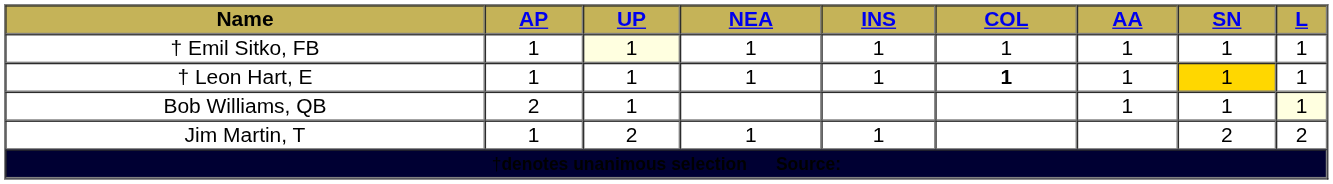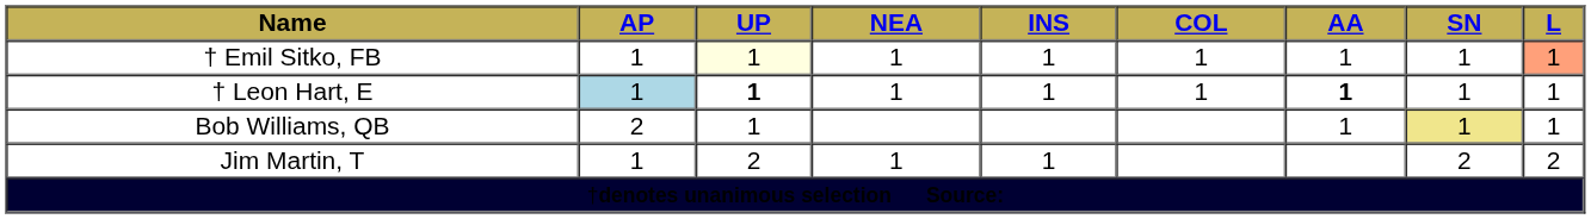 <table cellpadding="1" border="1" cellspacing="0" width="80%">
 <tr>
 <th bgcolor="#C5B358"><span>Name</span></th>
 <th bgcolor="#C5B358"><span><a href='#'>AP</a></span></th>
 <th bgcolor="#C5B358"><span><a href='#'>UP</a></span></th>
 <th bgcolor="#C5B358"><span><a href='#'>NEA</a></span></th>
 <th bgcolor="#C5B358"><span><a href='#'>INS</a></span></th>
 <th bgcolor="#C5B358"><span><a href='#'>COL</a></span></th>
 <th bgcolor="#C5B358"><span><a href='#'>AA</a></span></th>
 <th bgcolor="#C5B358"><span><a href='#'>SN</a></span></th>
 <th bgcolor="#C5B358"><span><a href='#'>L</a></span></th>
 </tr>
 <tr align="center">
 <td>† Emil Sitko, FB</td>
 <td>1</td>
 <td style="background: lightyellow;">1</td>
 <td>1</td>
 <td>1</td>
 <td>1</td>
 <td>1</td>
 <td>1</td>
-<td>1</td>
+<td style="background: lightsalmon;">1</td>
 </tr>
 <tr align="center">
 <td>† Leon Hart, E</td>
-<td>1</td>
+<td style="background: lightblue;">1</td>
+<td><strong>1</strong></td>
 <td>1</td>
 <td>1</td>
 <td>1</td>
 <td><strong>1</strong></td>
 <td>1</td>
-<td style="background: gold;">1</td>
 <td>1</td>
 </tr>
 <tr align="center">
 <td>Bob Williams, QB</td>
 <td>2</td>
 <td>1</td>
 <td></td>
 <td></td>
 <td></td>
 <td>1</td>
+<td style="background: khaki;">1</td>
 <td>1</td>
-<td style="background: lightyellow;">1</td>
 </tr>
 <tr align="center">
 <td>Jim Martin, T</td>
 <td>1</td>
 <td>2</td>
 <td>1</td>
 <td>1</td>
 <td></td>
 <td></td>
 <td>2</td>
 <td>2</td>
 </tr>
 <tr align="center">
 <td colspan=10 bgcolor="#000033"><span><small>†<strong>denotes unanimous selection</strong>      <strong>Source:</strong></small></span></td>
 </tr>
 </table>
